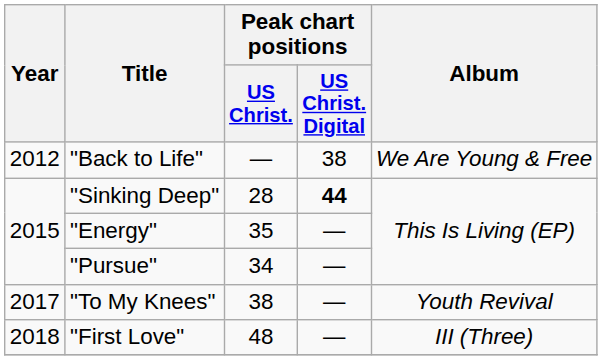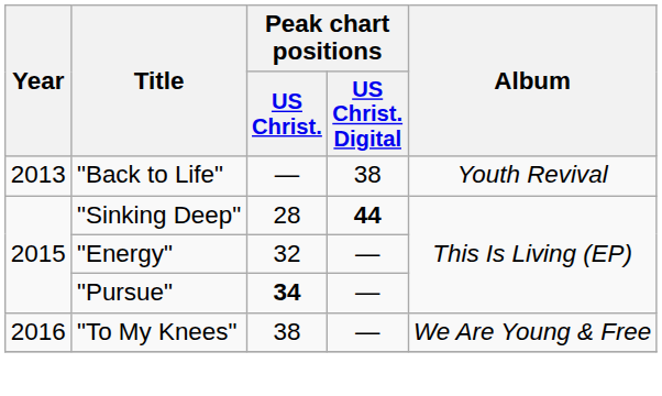 <table class="wikitable" style="text-align:center;">
 <tr>
 <th rowspan="2">Year</th>
 <th rowspan="2">Title</th>
 <th colspan="2">Peak chart positions</th>
 <th rowspan="2">Album</th>
 </tr>
 <tr>
 <th scope="col" style="width:3em;font-size:90%;"><a href='#'>US<br>Christ.</a><br></th>
 <th scope="col" style="width:3em;font-size:90%;"><a href='#'>US<br>Christ. Digital</a><br></th>
 </tr>
 <tr>
-<td>2012</td>
+<td>2013</td>
 <td style="text-align:left">"Back to Life"</td>
 <td>—</td>
 <td>38</td>
-<td><em>We Are Young & Free</em></td>
+<td><em>Youth Revival</em></td>
 </tr>
 <tr>
 <td rowspan="3">2015</td>
 <td style="text-align:left">"Sinking Deep"</td>
 <td>28</td>
 <td><strong>44</strong></td>
 <td rowspan="3"><em>This Is Living (EP)</em></td>
 </tr>
 <tr>
 <td style="text-align:left">"Energy"</td>
-<td>35</td>
+<td>32</td>
 <td>—</td>
 </tr>
 <tr>
 <td style="text-align:left">"Pursue"</td>
-<td>34</td>
+<td><strong>34</strong></td>
 <td>—</td>
 </tr>
 <tr>
-<td>2017</td>
+<td>2016</td>
 <td style="text-align:left">"To My Knees"</td>
 <td>38</td>
 <td>—</td>
-<td><em>Youth Revival</em></td>
-</tr>
-<tr>
-<td>2018</td>
-<td style="text-align:left">"First Love"</td>
-<td>48</td>
-<td>—</td>
-<td><em>III (Three)</em></td>
+<td><em>We Are Young & Free</em></td>
 </tr>
 <tr>
 </tr>
 </table>
